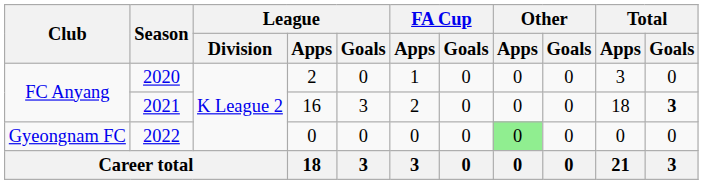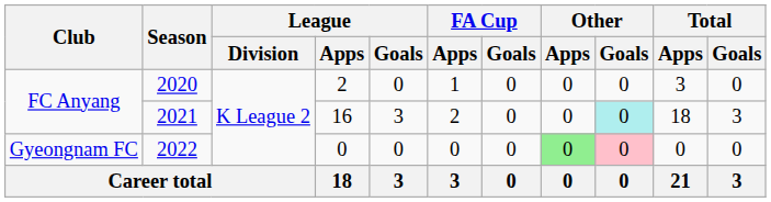 <table class="wikitable" style="text-align: center">
 <tr>
 <th rowspan="2">Club</th>
 <th rowspan="2">Season</th>
 <th colspan="3">League</th>
 <th colspan="2"><a href='#'>FA Cup</a></th>
 <th colspan="2">Other</th>
 <th colspan="2">Total</th>
 </tr>
 <tr>
 <th>Division</th>
 <th>Apps</th>
 <th>Goals</th>
 <th>Apps</th>
 <th>Goals</th>
 <th>Apps</th>
 <th>Goals</th>
 <th>Apps</th>
 <th>Goals</th>
 </tr>
 <tr>
 <td rowspan="2"><a href='#'>FC Anyang</a></td>
 <td><a href='#'>2020</a></td>
 <td rowspan="3"><a href='#'>K League 2</a></td>
 <td>2</td>
 <td>0</td>
 <td>1</td>
 <td>0</td>
 <td>0</td>
 <td>0</td>
 <td>3</td>
 <td>0</td>
 </tr>
 <tr>
 <td><a href='#'>2021</a></td>
 <td>16</td>
 <td>3</td>
 <td>2</td>
 <td>0</td>
 <td>0</td>
-<td>0</td>
+<td style="background: paleturquoise;">0</td>
 <td>18</td>
-<td><strong>3</strong></td>
+<td>3</td>
 </tr>
 <tr>
 <td><a href='#'>Gyeongnam FC</a></td>
 <td><a href='#'>2022</a></td>
 <td>0</td>
 <td>0</td>
 <td>0</td>
 <td>0</td>
 <td style="background: lightgreen;">0</td>
-<td>0</td>
+<td style="background: pink;">0</td>
 <td>0</td>
 <td>0</td>
 </tr>
 <tr>
 <th colspan=3>Career total</th>
 <th>18</th>
 <th>3</th>
 <th>3</th>
 <th>0</th>
 <th>0</th>
 <th>0</th>
 <th>21</th>
 <th>3</th>
 </tr>
 </table>
